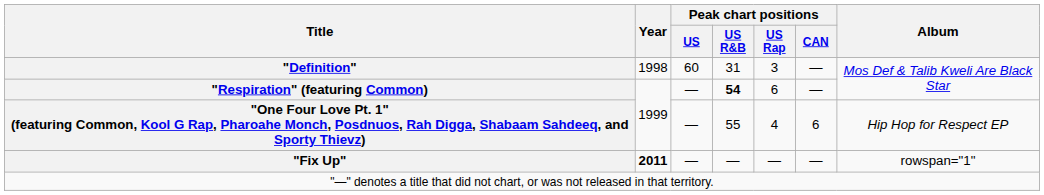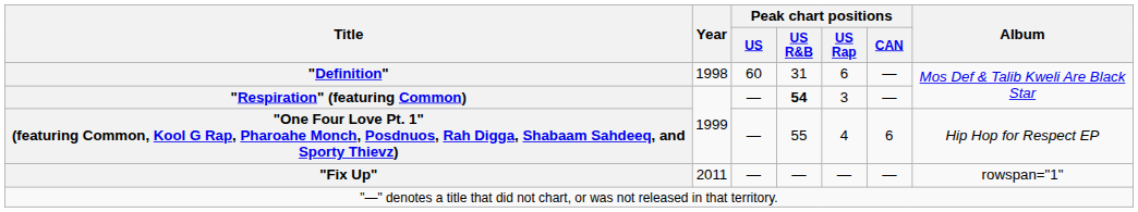 <table class="wikitable plainrowheaders" style="text-align:center;" border="1">
 <tr>
 <th scope="col" rowspan="2">Title</th>
 <th scope="col" rowspan="2">Year</th>
 <th scope="col" colspan="4">Peak chart positions</th>
 <th scope="col" rowspan="2">Album</th>
 </tr>
 <tr>
 <th scope="col" style="width:3em;font-size:90%;"><a href='#'>US</a><br></th>
 <th scope="col" style="width:3em;font-size:90%;"><a href='#'>US<br>R&B</a><br></th>
 <th scope="col" style="width:3em;font-size:90%;"><a href='#'>US<br>Rap</a><br></th>
 <th scope="col" style="width:3em;font-size:90%;"><a href='#'>CAN</a><br></th>
 </tr>
 <tr>
 <th scope="row">"<a href='#'>Definition</a>"</th>
 <td>1998</td>
 <td>60</td>
 <td>31</td>
-<td>3</td>
+<td>6</td>
 <td>—</td>
 <td rowspan="2"><em><a href='#'>Mos Def & Talib Kweli Are Black Star</a></em></td>
 </tr>
 <tr>
 <th scope="row">"<a href='#'>Respiration</a>"<span> (featuring <a href='#'>Common</a>)</span></th>
 <td rowspan="2">1999</td>
 <td>—</td>
 <td><strong>54</strong></td>
-<td>6</td>
+<td>3</td>
 <td>—</td>
 </tr>
 <tr>
 <th scope="row">"One Four Love Pt. 1"<br><span>(featuring Common, <a href='#'>Kool G Rap</a>, <a href='#'>Pharoahe Monch</a>, <a href='#'>Posdnuos</a>, <a href='#'>Rah Digga</a>, <a href='#'>Shabaam Sahdeeq</a>, and <a href='#'>Sporty Thievz</a>)</span></th>
 <td>—</td>
 <td>55</td>
 <td>4</td>
 <td>6</td>
 <td><em>Hip Hop for Respect EP</em></td>
 </tr>
 <tr>
 <th scope="row">"Fix Up"</th>
-<td><strong>2011</strong></td>
+<td>2011</td>
 <td>—</td>
 <td>—</td>
 <td>—</td>
 <td>—</td>
 <td>rowspan="1" </td>
 </tr>
 <tr>
 <td colspan="12" style="font-size:90%">"—" denotes a title that did not chart, or was not released in that territory.</td>
 </tr>
 </table>
